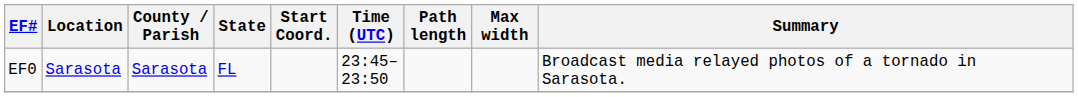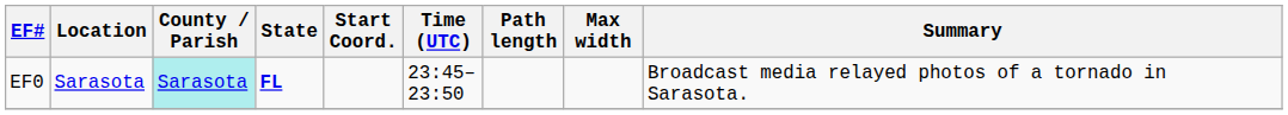 <table class="wikitable sortable" style="width:100%;">
 <tr>
 <th scope="col"  style="width:3%; text-align:center;"><a href='#'>EF#</a></th>
 <th scope="col"  style="width:7%; text-align:center;" class="unsortable">Location</th>
 <th scope="col"  style="width:6%; text-align:center;" class="unsortable">County / Parish</th>
 <th scope="col"  style="width:5%; text-align:center;">State</th>
 <th scope="col"  style="width:6%; text-align:center;">Start Coord.</th>
 <th scope="col"  style="width:6%; text-align:center;">Time (<a href='#'>UTC</a>)</th>
 <th scope="col"  style="width:6%; text-align:center;">Path length</th>
 <th scope="col"  style="width:6%; text-align:center;">Max width</th>
 <th scope="col" class="unsortable" style="width:48%; text-align:center;">Summary</th>
 </tr>
 <tr>
 <td>EF0</td>
 <td><a href='#'>Sarasota</a></td>
-<td><a href='#'>Sarasota</a></td>
-<td><a href='#'>FL</a></td>
+<td style="background: paleturquoise;"><a href='#'>Sarasota</a></td>
+<td><strong><a href='#'>FL</a></strong></td>
 <td></td>
 <td>23:45–23:50</td>
 <td></td>
 <td></td>
 <td>Broadcast media relayed photos of a tornado in Sarasota.</td>
 </tr>
 <tr>
 </tr>
 </table>
